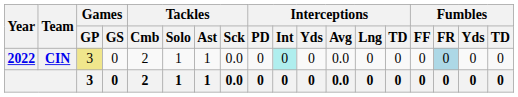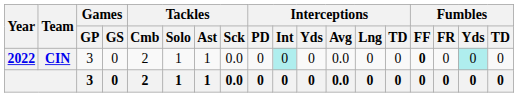 <table class="wikitable" style="text-align:center;">
 <tr>
 <th rowspan="2">Year</th>
 <th rowspan="2">Team</th>
 <th colspan="2">Games</th>
 <th colspan="4">Tackles</th>
 <th colspan="6">Interceptions</th>
 <th colspan="4">Fumbles</th>
 </tr>
 <tr>
 <th>GP</th>
 <th>GS</th>
 <th>Cmb</th>
 <th>Solo</th>
 <th>Ast</th>
 <th>Sck</th>
 <th>PD</th>
 <th>Int</th>
 <th>Yds</th>
 <th>Avg</th>
 <th>Lng</th>
 <th>TD</th>
 <th>FF</th>
 <th>FR</th>
 <th>Yds</th>
 <th>TD</th>
 </tr>
 <tr>
 <th><a href='#'>2022</a></th>
 <th><a href='#'>CIN</a></th>
-<td style="background: khaki;">3</td>
+<td>3</td>
 <td>0</td>
 <td>2</td>
 <td>1</td>
 <td>1</td>
 <td>0.0</td>
 <td>0</td>
 <td style="background: paleturquoise;">0</td>
 <td>0</td>
 <td>0.0</td>
 <td>0</td>
 <td>0</td>
+<td><strong>0</strong></td>
 <td>0</td>
-<td style="background: lightblue;">0</td>
-<td>0</td>
+<td style="background: paleturquoise;">0</td>
 <td>0</td>
 </tr>
 <tr>
 <th colspan="2"></th>
 <th>3</th>
 <th>0</th>
 <th>2</th>
 <th>1</th>
 <th>1</th>
 <th>0.0</th>
 <th>0</th>
 <th>0</th>
 <th>0</th>
 <th>0.0</th>
 <th>0</th>
 <th>0</th>
 <th>0</th>
 <th>0</th>
 <th>0</th>
 <th>0</th>
 </tr>
 </table>
